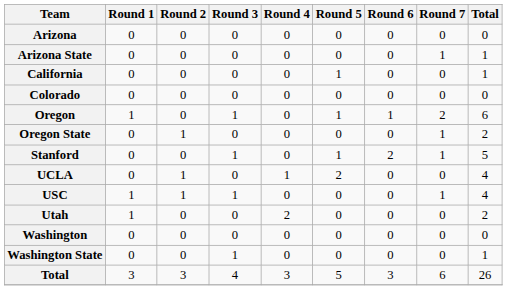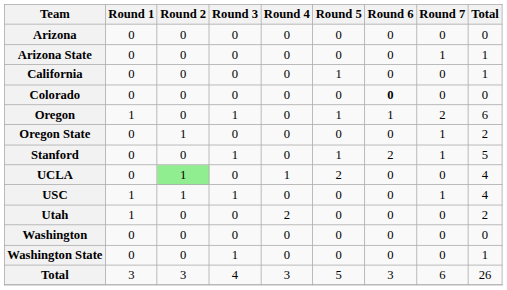 <table class="wikitable sortable" style="text-align: center;">
 <tr>
 <th>Team</th>
 <th>Round 1</th>
 <th>Round 2</th>
 <th>Round 3</th>
 <th>Round 4</th>
 <th>Round 5</th>
 <th>Round 6</th>
 <th>Round 7</th>
 <th>Total</th>
 </tr>
 <tr>
 <th style=>Arizona</th>
 <td>0</td>
 <td>0</td>
 <td>0</td>
 <td>0</td>
 <td>0</td>
 <td>0</td>
 <td>0</td>
 <td>0</td>
 </tr>
 <tr>
 <th style=>Arizona State</th>
 <td>0</td>
 <td>0</td>
 <td>0</td>
 <td>0</td>
 <td>0</td>
 <td>0</td>
 <td>1</td>
 <td>1</td>
 </tr>
 <tr>
 <th style=>California</th>
 <td>0</td>
 <td>0</td>
 <td>0</td>
 <td>0</td>
 <td>1</td>
 <td>0</td>
 <td>0</td>
 <td>1</td>
 </tr>
 <tr>
 <th style=>Colorado</th>
 <td>0</td>
 <td>0</td>
 <td>0</td>
 <td>0</td>
 <td>0</td>
-<td>0</td>
+<td><strong>0</strong></td>
 <td>0</td>
 <td>0</td>
 </tr>
 <tr>
 <th style=>Oregon</th>
 <td>1</td>
 <td>0</td>
 <td>1</td>
 <td>0</td>
 <td>1</td>
 <td>1</td>
 <td>2</td>
 <td>6</td>
 </tr>
 <tr>
 <th style=>Oregon State</th>
 <td>0</td>
 <td>1</td>
 <td>0</td>
 <td>0</td>
 <td>0</td>
 <td>0</td>
 <td>1</td>
 <td>2</td>
 </tr>
 <tr>
 <th style=>Stanford</th>
 <td>0</td>
 <td>0</td>
 <td>1</td>
 <td>0</td>
 <td>1</td>
 <td>2</td>
 <td>1</td>
 <td>5</td>
 </tr>
 <tr>
 <th style=>UCLA</th>
 <td>0</td>
-<td>1</td>
+<td style="background: lightgreen;">1</td>
 <td>0</td>
 <td>1</td>
 <td>2</td>
 <td>0</td>
 <td>0</td>
 <td>4</td>
 </tr>
 <tr>
 <th style=>USC</th>
 <td>1</td>
 <td>1</td>
 <td>1</td>
 <td>0</td>
 <td>0</td>
 <td>0</td>
 <td>1</td>
 <td>4</td>
 </tr>
 <tr>
 <th style=>Utah</th>
 <td>1</td>
 <td>0</td>
 <td>0</td>
 <td>2</td>
 <td>0</td>
 <td>0</td>
 <td>0</td>
 <td>2</td>
 </tr>
 <tr>
 <th style=>Washington</th>
 <td>0</td>
 <td>0</td>
 <td>0</td>
 <td>0</td>
 <td>0</td>
 <td>0</td>
 <td>0</td>
 <td>0</td>
 </tr>
 <tr>
 <th style=>Washington State</th>
 <td>0</td>
 <td>0</td>
 <td>1</td>
 <td>0</td>
 <td>0</td>
 <td>0</td>
 <td>0</td>
 <td>1</td>
 </tr>
 <tr>
 <th>Total</th>
 <td>3</td>
 <td>3</td>
 <td>4</td>
 <td>3</td>
 <td>5</td>
 <td>3</td>
 <td>6</td>
 <td>26</td>
 </tr>
 <tr>
 </tr>
 </table>
